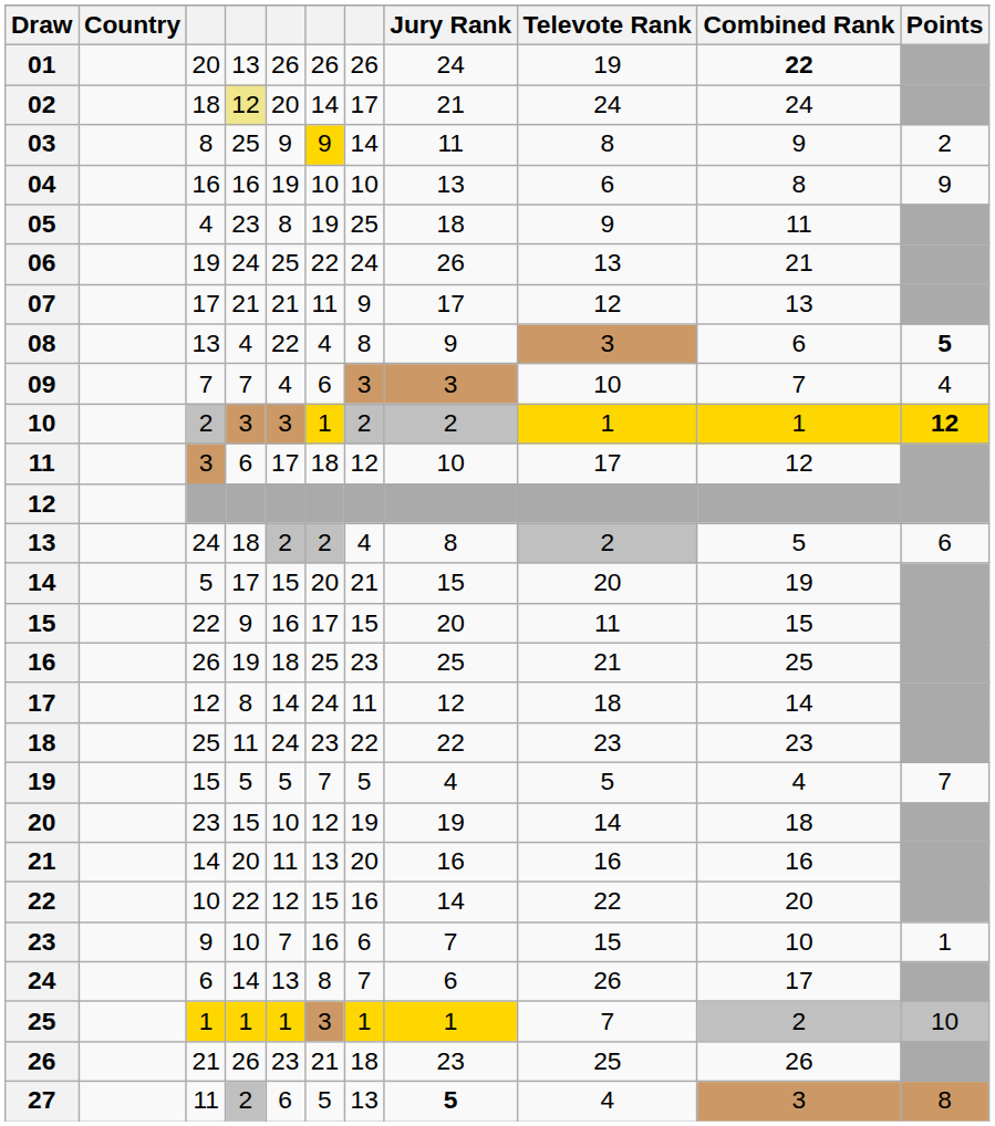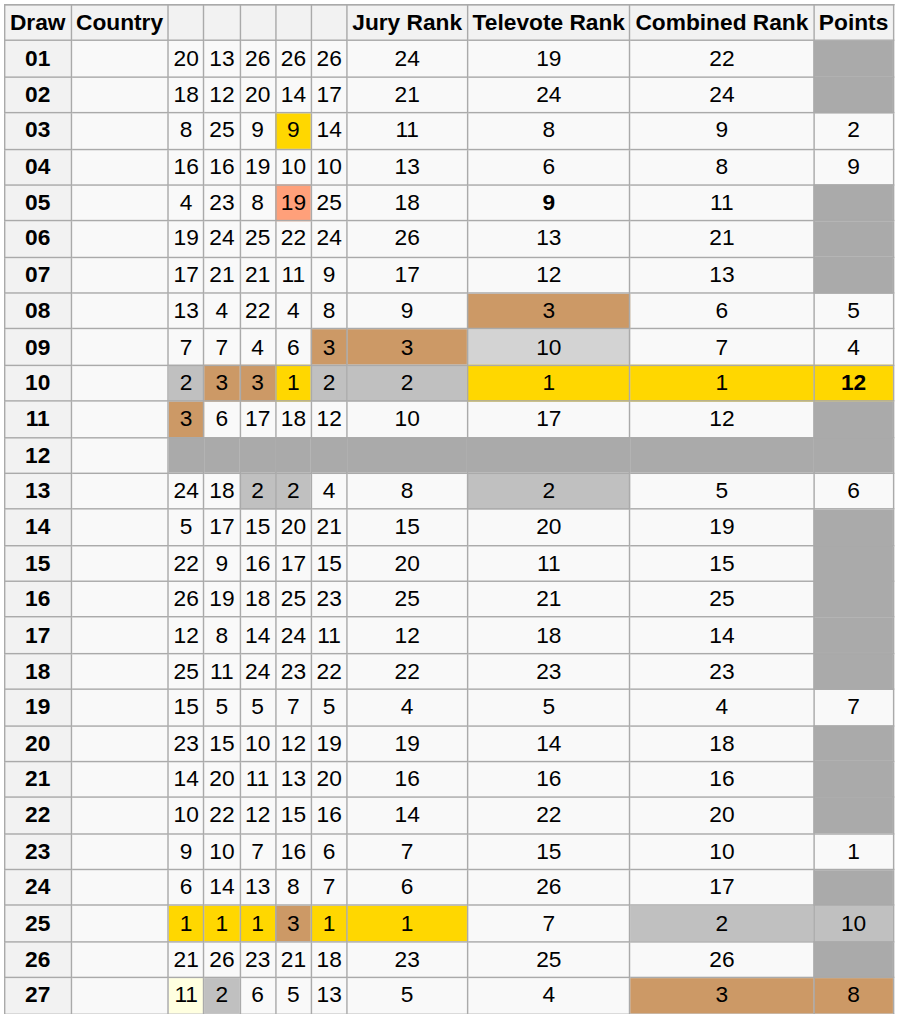 <table class="sortable wikitable collapsible plainrowheaders" style="text-align:center;">
 <tr>
 </tr>
 <tr>
 <th scope="col">Draw</th>
 <th scope="col">Country</th>
 <th scope="col"><small></small></th>
 <th scope="col"><small></small></th>
 <th scope="col"><small></small></th>
 <th scope="col"><small></small></th>
 <th scope="col"><small></small></th>
 <th scope="col">Jury Rank</th>
 <th scope="col">Televote Rank</th>
 <th scope="col">Combined Rank</th>
 <th scope="col">Points</th>
 </tr>
 <tr>
 <th scope="row" style="text-align:center;">01</th>
 <td style="text-align:left;"></td>
 <td>20</td>
 <td>13</td>
 <td>26</td>
 <td>26</td>
 <td>26</td>
 <td>24</td>
 <td>19</td>
-<td><strong>22</strong></td>
+<td>22</td>
 <td style="background:#AAAAAA;"></td>
 </tr>
 <tr>
 <th scope="row" style="text-align:center;">02</th>
 <td style="text-align:left;"></td>
 <td>18</td>
-<td style="background: khaki;">12</td>
+<td>12</td>
 <td>20</td>
 <td>14</td>
 <td>17</td>
 <td>21</td>
 <td>24</td>
 <td>24</td>
 <td style="background:#AAAAAA;"></td>
 </tr>
 <tr>
 <th scope="row" style="text-align:center;">03</th>
 <td style="text-align:left;"></td>
 <td>8</td>
 <td>25</td>
 <td>9</td>
 <td style="background: gold;">9</td>
 <td>14</td>
 <td>11</td>
 <td>8</td>
 <td>9</td>
 <td>2</td>
 </tr>
 <tr>
 <th scope="row" style="text-align:center;">04</th>
 <td style="text-align:left;"></td>
 <td>16</td>
 <td>16</td>
 <td>19</td>
 <td>10</td>
 <td>10</td>
 <td>13</td>
 <td>6</td>
 <td>8</td>
 <td>9</td>
 </tr>
 <tr>
 <th scope="row" style="text-align:center;">05</th>
 <td style="text-align:left;"></td>
 <td>4</td>
 <td>23</td>
 <td>8</td>
-<td>19</td>
+<td style="background: lightsalmon;">19</td>
 <td>25</td>
 <td>18</td>
-<td>9</td>
+<td><strong>9</strong></td>
 <td>11</td>
 <td style="background:#AAAAAA;"></td>
 </tr>
 <tr>
 <th scope="row" style="text-align:center;">06</th>
 <td style="text-align:left;"></td>
 <td>19</td>
 <td>24</td>
 <td>25</td>
 <td>22</td>
 <td>24</td>
 <td>26</td>
 <td>13</td>
 <td>21</td>
 <td style="background:#AAAAAA;"></td>
 </tr>
 <tr>
 <th scope="row" style="text-align:center;">07</th>
 <td style="text-align:left;"></td>
 <td>17</td>
 <td>21</td>
 <td>21</td>
 <td>11</td>
 <td>9</td>
 <td>17</td>
 <td>12</td>
 <td>13</td>
 <td style="background:#AAAAAA;"></td>
 </tr>
 <tr>
 <th scope="row" style="text-align:center;">08</th>
 <td style="text-align:left;"></td>
 <td>13</td>
 <td>4</td>
 <td>22</td>
 <td>4</td>
 <td>8</td>
 <td>9</td>
 <td style="background:#CC9966;">3</td>
 <td>6</td>
-<td><strong>5</strong></td>
+<td>5</td>
 </tr>
 <tr>
 <th scope="row" style="text-align:center;">09</th>
 <td style="text-align:left;"></td>
 <td>7</td>
 <td>7</td>
 <td>4</td>
 <td>6</td>
 <td style="background:#CC9966;">3</td>
 <td style="background:#CC9966;">3</td>
-<td>10</td>
+<td style="background: lightgrey;">10</td>
 <td>7</td>
 <td>4</td>
 </tr>
 <tr>
 <th scope="row" style="text-align:center;">10</th>
 <td style="text-align:left;"></td>
 <td style="background:silver;">2</td>
 <td style="background:#CC9966;">3</td>
 <td style="background:#CC9966;">3</td>
 <td style="background:gold;">1</td>
 <td style="background:silver;">2</td>
 <td style="background:silver;">2</td>
 <td style="background:gold;">1</td>
 <td style="background:gold;">1</td>
 <td style="background:gold;"><strong>12</strong></td>
 </tr>
 <tr>
 <th scope="row" style="text-align:center;">11</th>
 <td style="text-align:left;"></td>
 <td style="background:#CC9966;">3</td>
 <td>6</td>
 <td>17</td>
 <td>18</td>
 <td>12</td>
 <td>10</td>
 <td>17</td>
 <td>12</td>
 <td style="background:#AAAAAA;"></td>
 </tr>
 <tr class="sortbottom">
 <th scope="row" style="text-align:center;">12</th>
 <td style="text-align:left;"></td>
 <td style="background:#AAAAAA;"></td>
 <td style="background:#AAAAAA;"></td>
 <td style="background:#AAAAAA;"></td>
 <td style="background:#AAAAAA;"></td>
 <td style="background:#AAAAAA;"></td>
 <td style="background:#AAAAAA;"></td>
 <td style="background:#AAAAAA;"></td>
 <td style="background:#AAAAAA;"></td>
 <td style="background:#AAAAAA;"></td>
 </tr>
 <tr>
 <th scope="row" style="text-align:center;">13</th>
 <td style="text-align:left;"></td>
 <td>24</td>
 <td>18</td>
 <td style="background:silver;">2</td>
 <td style="background:silver;">2</td>
 <td>4</td>
 <td>8</td>
 <td style="background:silver;">2</td>
 <td>5</td>
 <td>6</td>
 </tr>
 <tr>
 <th scope="row" style="text-align:center;">14</th>
 <td style="text-align:left;"></td>
 <td>5</td>
 <td>17</td>
 <td>15</td>
 <td>20</td>
 <td>21</td>
 <td>15</td>
 <td>20</td>
 <td>19</td>
 <td style="background:#AAAAAA;"></td>
 </tr>
 <tr>
 <th scope="row" style="text-align:center;">15</th>
 <td style="text-align:left;"></td>
 <td>22</td>
 <td>9</td>
 <td>16</td>
 <td>17</td>
 <td>15</td>
 <td>20</td>
 <td>11</td>
 <td>15</td>
 <td style="background:#AAAAAA;"></td>
 </tr>
 <tr>
 <th scope="row" style="text-align:center;">16</th>
 <td style="text-align:left;"></td>
 <td>26</td>
 <td>19</td>
 <td>18</td>
 <td>25</td>
 <td>23</td>
 <td>25</td>
 <td>21</td>
 <td>25</td>
 <td style="background:#AAAAAA;"></td>
 </tr>
 <tr>
 <th scope="row" style="text-align:center;">17</th>
 <td style="text-align:left;"></td>
 <td>12</td>
 <td>8</td>
 <td>14</td>
 <td>24</td>
 <td>11</td>
 <td>12</td>
 <td>18</td>
 <td>14</td>
 <td style="background:#AAAAAA;"></td>
 </tr>
 <tr>
 <th scope="row" style="text-align:center;">18</th>
 <td style="text-align:left;"></td>
 <td>25</td>
 <td>11</td>
 <td>24</td>
 <td>23</td>
 <td>22</td>
 <td>22</td>
 <td>23</td>
 <td>23</td>
 <td style="background:#AAAAAA;"></td>
 </tr>
 <tr>
 <th scope="row" style="text-align:center;">19</th>
 <td style="text-align:left;"></td>
 <td>15</td>
 <td>5</td>
 <td>5</td>
 <td>7</td>
 <td>5</td>
 <td>4</td>
 <td>5</td>
 <td>4</td>
 <td>7</td>
 </tr>
 <tr>
 <th scope="row" style="text-align:center;">20</th>
 <td style="text-align:left;"></td>
 <td>23</td>
 <td>15</td>
 <td>10</td>
 <td>12</td>
 <td>19</td>
 <td>19</td>
 <td>14</td>
 <td>18</td>
 <td style="background:#AAAAAA;"></td>
 </tr>
 <tr>
 <th scope="row" style="text-align:center;">21</th>
 <td style="text-align:left;"></td>
 <td>14</td>
 <td>20</td>
 <td>11</td>
 <td>13</td>
 <td>20</td>
 <td>16</td>
 <td>16</td>
 <td>16</td>
 <td style="background:#AAAAAA;"></td>
 </tr>
 <tr>
 <th scope="row" style="text-align:center;">22</th>
 <td style="text-align:left;"></td>
 <td>10</td>
 <td>22</td>
 <td>12</td>
 <td>15</td>
 <td>16</td>
 <td>14</td>
 <td>22</td>
 <td>20</td>
 <td style="background:#AAAAAA;"></td>
 </tr>
 <tr>
 <th scope="row" style="text-align:center;">23</th>
 <td style="text-align:left;"></td>
 <td>9</td>
 <td>10</td>
 <td>7</td>
 <td>16</td>
 <td>6</td>
 <td>7</td>
 <td>15</td>
 <td>10</td>
 <td>1</td>
 </tr>
 <tr>
 <th scope="row" style="text-align:center;">24</th>
 <td style="text-align:left;"></td>
 <td>6</td>
 <td>14</td>
 <td>13</td>
 <td>8</td>
 <td>7</td>
 <td>6</td>
 <td>26</td>
 <td>17</td>
 <td style="background:#AAAAAA;"></td>
 </tr>
 <tr>
 <th scope="row" style="text-align:center;">25</th>
 <td style="text-align:left;"></td>
 <td style="background:gold;">1</td>
 <td style="background:gold;">1</td>
 <td style="background:gold;">1</td>
 <td style="background:#CC9966;">3</td>
 <td style="background:gold;">1</td>
 <td style="background:gold;">1</td>
 <td>7</td>
 <td style="background:silver;">2</td>
 <td style="background:silver;">10</td>
 </tr>
 <tr>
 <th scope="row" style="text-align:center;">26</th>
 <td style="text-align:left;"></td>
 <td>21</td>
 <td>26</td>
 <td>23</td>
 <td>21</td>
 <td>18</td>
 <td>23</td>
 <td>25</td>
 <td>26</td>
 <td style="background:#AAAAAA;"></td>
 </tr>
 <tr>
 <th scope="row" style="text-align:center;">27</th>
 <td style="text-align:left;"></td>
-<td>11</td>
+<td style="background: lightyellow;">11</td>
 <td style="background:silver;">2</td>
 <td>6</td>
 <td>5</td>
 <td>13</td>
-<td><strong>5</strong></td>
+<td>5</td>
 <td>4</td>
 <td style="background:#CC9966;">3</td>
 <td style="background:#CC9966;">8</td>
 </tr>
 </table>
